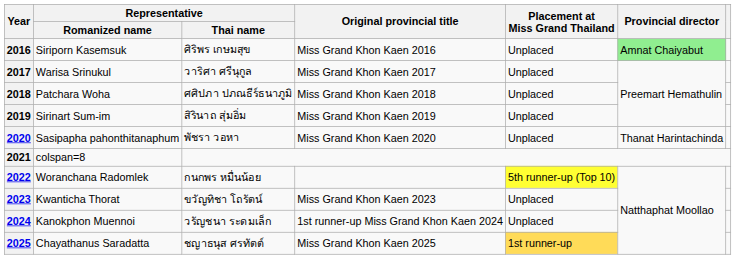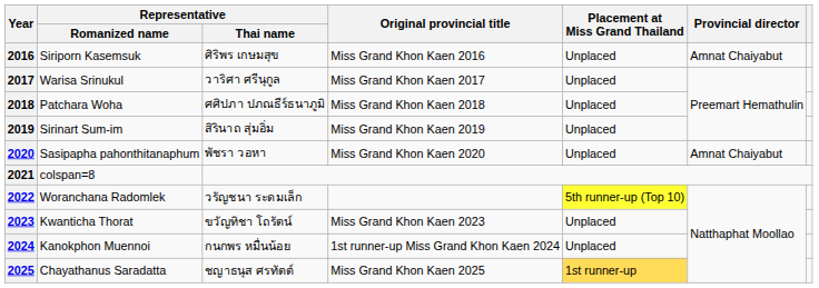 <table class="wikitable defaultcenter col2left col3left col6left" style="font-size:95%;">
 <tr>
 <th rowspan=2>Year</th>
 <th colspan=2>Representative</th>
 <th rowspan=2>Original provincial title</th>
 <th rowspan=2>Placement at<br>Miss Grand Thailand</th>
 <th rowspan=2>Provincial director</th>
 <th rowspan=2></th>
 </tr>
 <tr>
 <th>Romanized name</th>
 <th>Thai name</th>
 </tr>
 <tr>
 <th>2016</th>
 <td>Siriporn Kasemsuk</td>
 <td>ศิริพร เกษมสุข</td>
 <td>Miss Grand Khon Kaen 2016</td>
 <td>Unplaced</td>
-<td style="background: lightgreen;">Amnat Chaiyabut</td>
+<td>Amnat Chaiyabut</td>
 <td></td>
 </tr>
 <tr>
 <th>2017</th>
 <td>Warisa Srinukul</td>
 <td>วาริศา ศรีนุกูล</td>
 <td>Miss Grand Khon Kaen 2017</td>
 <td>Unplaced</td>
 <td rowspan=3>Preemart Hemathulin</td>
 <td></td>
 </tr>
 <tr>
 <th>2018</th>
 <td>Patchara Woha</td>
 <td>ศศิปภา ปภณธีร์ธนาภูมิ</td>
 <td>Miss Grand Khon Kaen 2018</td>
 <td>Unplaced</td>
 <td></td>
 </tr>
 <tr>
 <th>2019</th>
 <td>Sirinart Sum-im</td>
 <td>สิรินาถ สุ่มอิ่ม</td>
 <td>Miss Grand Khon Kaen 2019</td>
 <td>Unplaced</td>
 <td></td>
 </tr>
 <tr>
 <th><a href='#'>2020</a></th>
 <td>Sasipapha pahonthitanaphum</td>
 <td>พัชรา วอหา</td>
 <td>Miss Grand Khon Kaen 2020</td>
 <td>Unplaced</td>
-<td>Thanat Harintachinda</td>
+<td>Amnat Chaiyabut</td>
 <td></td>
 </tr>
 <tr>
 <th>2021</th>
 <td>colspan=8 </td>
 </tr>
 <tr>
 <th><a href='#'>2022</a></th>
 <td>Woranchana Radomlek</td>
-<td>กนกพร หมื่นน้อย</td>
+<td>วรัญชนา ระดมเล็ก</td>
 <td></td>
 <td bgcolor=#FFFF33>5th runner-up (Top 10)</td>
 <td rowspan=4>Natthaphat Moollao</td>
 <td></td>
 </tr>
 <tr>
 <th><a href='#'>2023</a></th>
 <td>Kwanticha Thorat</td>
 <td>ขวัญทิชา โถรัตน์</td>
 <td>Miss Grand Khon Kaen 2023</td>
 <td>Unplaced</td>
 <td></td>
 </tr>
 <tr>
 <th><a href='#'>2024</a></th>
 <td>Kanokphon Muennoi</td>
-<td>วรัญชนา ระดมเล็ก</td>
+<td>กนกพร หมื่นน้อย</td>
 <td>1st runner-up Miss Grand Khon Kaen 2024</td>
 <td>Unplaced</td>
 <td></td>
 </tr>
 <tr>
 <th><a href='#'>2025</a></th>
 <td>Chayathanus Saradatta</td>
 <td>ชญาธนุส ศรทัตต์</td>
 <td>Miss Grand Khon Kaen 2025</td>
 <td bgcolor=#FFDB58>1st runner-up</td>
 <td></td>
 </tr>
 </table>
